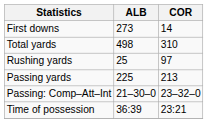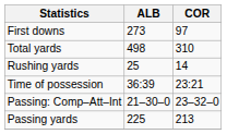 <table class="wikitable" style="float: left;">
 <tr>
 <th>Statistics</th>
 <th>ALB</th>
 <th>COR</th>
 </tr>
 <tr>
 <td>First downs</td>
 <td>273</td>
-<td>14</td>
+<td>97</td>
 </tr>
 <tr>
 <td>Total yards</td>
 <td>498</td>
 <td>310</td>
 </tr>
 <tr>
 <td>Rushing yards</td>
 <td>25</td>
-<td>97</td>
+<td>14</td>
+</tr>
+<tr>
+<td>Time of possession</td>
+<td>36:39</td>
+<td>23:21</td>
+</tr>
+<tr>
+<td>Passing: Comp–Att–Int</td>
+<td>21–30–0</td>
+<td>23–32–0</td>
 </tr>
 <tr>
 <td>Passing yards</td>
 <td>225</td>
 <td>213</td>
 </tr>
 <tr>
-<td>Passing: Comp–Att–Int</td>
-<td>21–30–0</td>
-<td>23–32–0</td>
-</tr>
-<tr>
-<td>Time of possession</td>
-<td>36:39</td>
-<td>23:21</td>
-</tr>
-<tr>
 </tr>
 </table>
